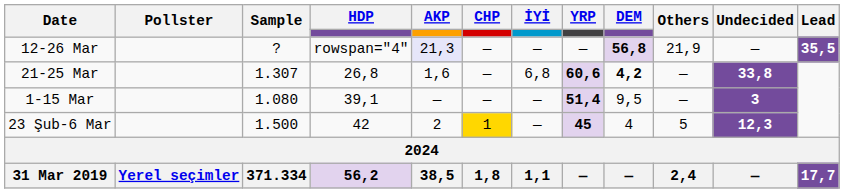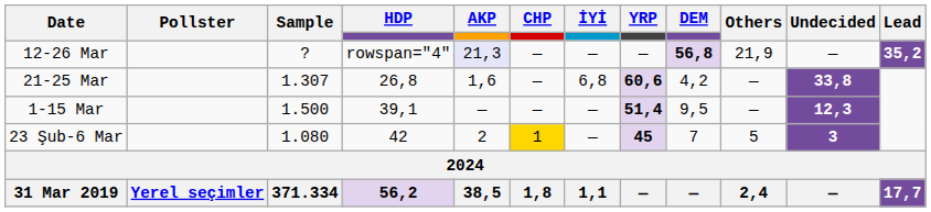 <table class="wikitable mw-collapsible" style="text-align:center; font-size:85%; line-height:14px;">
 <tr>
 <th rowspan="2">Date</th>
 <th rowspan="2">Pollster</th>
 <th rowspan="2">Sample</th>
 <th style="width:3em;"><a href='#'>HDP</a></th>
 <th style="width:3em;"><a href='#'>AKP</a></th>
 <th style="width:3em;"><a href='#'>CHP</a></th>
 <th style="width:3em;"><a href='#'>İYİ</a></th>
 <th><a href='#'>YRP</a></th>
 <th style="width:3em;"><a href='#'>DEM</a></th>
 <th rowspan="2">Others</th>
 <th rowspan="2">Undecided</th>
 <th rowspan="2">Lead</th>
 </tr>
 <tr>
 <th style="background:#734B9C;"></th>
 <th style="background:#fda000;"></th>
 <th style="background:#d40000;"></th>
 <th style="background:#0099cc;"></th>
 <th style="background:#414042;"></th>
 <th style="background:#734B9C;"></th>
 </tr>
 <tr>
 <td>12-26 Mar</td>
 <td></td>
 <td>?</td>
 <td>rowspan="4" </td>
 <td style="background: lavender;">21,3</td>
 <td>—</td>
 <td>—</td>
 <td>—</td>
 <td style="background:#E2D3EE"><strong>56,8</strong></td>
 <td>21,9</td>
 <td>—</td>
-<th style="background:#734B9C; color:white;">35,5</th>
+<th style="background:#734B9C; color:white;">35,2</th>
 </tr>
 <tr>
 <td>21-25 Mar</td>
 <td></td>
 <td>1.307</td>
 <td>26,8</td>
 <td>1,6</td>
 <td>—</td>
 <td>6,8</td>
 <td style="background:#E2D3EE"><strong>60,6</strong></td>
-<td><strong>4,2</strong></td>
+<td>4,2</td>
 <td>—</td>
 <th style="background:#734B9C; color:white;">33,8</th>
 </tr>
 <tr>
 <td>1-15 Mar</td>
 <td></td>
-<td>1.080</td>
+<td>1.500</td>
 <td>39,1</td>
 <td>—</td>
 <td>—</td>
 <td>—</td>
 <td style="background:#E2D3EE"><strong>51,4</strong></td>
 <td>9,5</td>
 <td>—</td>
-<th style="background:#734B9C; color:white;">3</th>
+<th style="background:#734B9C; color:white;">12,3</th>
 </tr>
 <tr>
 <td>23 Şub-6 Mar</td>
 <td></td>
-<td>1.500</td>
+<td>1.080</td>
 <td>42</td>
 <td>2</td>
 <td style="background: gold;">1</td>
 <td>—</td>
 <td style="background:#E2D3EE"><strong>45</strong></td>
-<td>4</td>
+<td>7</td>
 <td>5</td>
-<th style="background:#734B9C; color:white;">12,3</th>
+<th style="background:#734B9C; color:white;">3</th>
 </tr>
 <tr>
 <th colspan="12">2024</th>
 </tr>
 <tr>
 <th>31 Mar 2019</th>
 <th><a href='#'>Yerel seçimler</a></th>
 <th>371.334</th>
 <th style="background:#E2D3EE"><strong>56,2</strong></th>
 <th>38,5</th>
 <th>1,8</th>
 <th>1,1</th>
 <th>—</th>
 <th>—</th>
 <th>2,4</th>
 <th>—</th>
 <th style="background:#734B9C; color:white;">17,7</th>
 </tr>
 </table>
